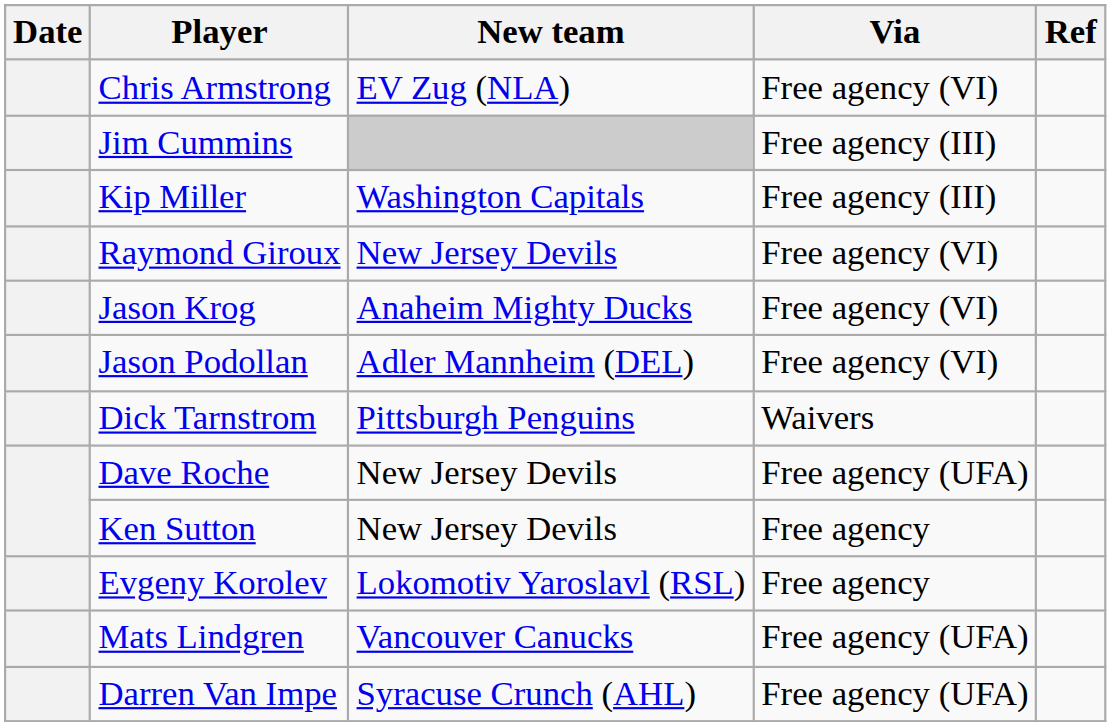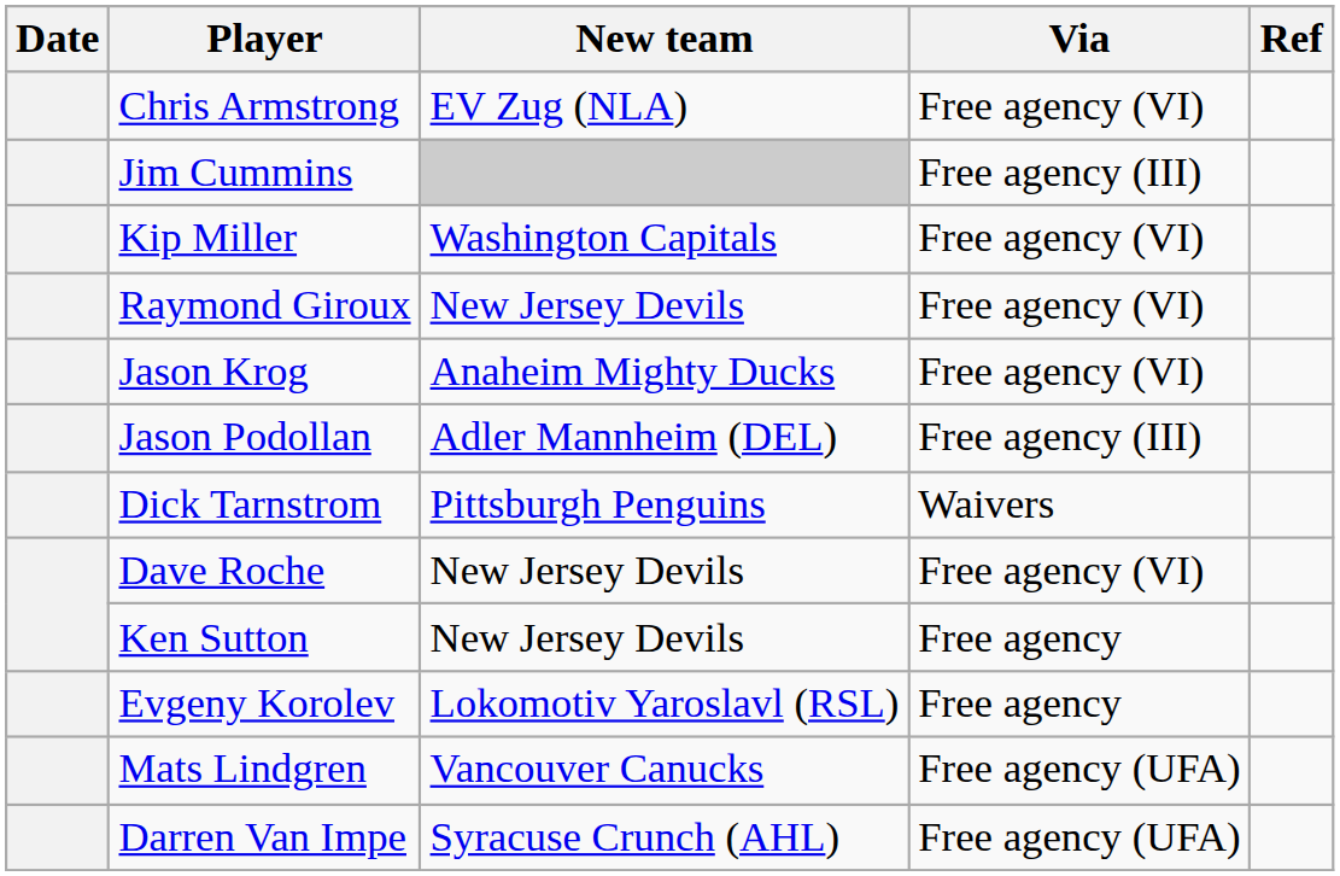 <table class="wikitable plainrowheaders">
 <tr style="background:#ddd; text-align:center;">
 <th>Date</th>
 <th>Player</th>
 <th>New team</th>
 <th>Via</th>
 <th>Ref</th>
 </tr>
 <tr>
 <th scope="row"></th>
 <td><a href='#'>Chris Armstrong</a></td>
 <td><a href='#'>EV Zug</a> (<a href='#'>NLA</a>)</td>
 <td>Free agency (VI)</td>
 <td></td>
 </tr>
 <tr>
 <th scope="row"></th>
 <td><a href='#'>Jim Cummins</a></td>
 <td style="background:#ccc"></td>
 <td>Free agency (III)</td>
 <td></td>
 </tr>
 <tr>
 <th scope="row"></th>
 <td><a href='#'>Kip Miller</a></td>
 <td><a href='#'>Washington Capitals</a></td>
-<td>Free agency (III)</td>
+<td>Free agency (VI)</td>
 <td></td>
 </tr>
 <tr>
 <th scope="row"></th>
 <td><a href='#'>Raymond Giroux</a></td>
 <td><a href='#'>New Jersey Devils</a></td>
 <td>Free agency (VI)</td>
 <td></td>
 </tr>
 <tr>
 <th scope="row"></th>
 <td><a href='#'>Jason Krog</a></td>
 <td><a href='#'>Anaheim Mighty Ducks</a></td>
 <td>Free agency (VI)</td>
 <td></td>
 </tr>
 <tr>
 <th scope="row"></th>
 <td><a href='#'>Jason Podollan</a></td>
 <td><a href='#'>Adler Mannheim</a> (<a href='#'>DEL</a>)</td>
-<td>Free agency (VI)</td>
+<td>Free agency (III)</td>
 <td></td>
 </tr>
 <tr>
 <th scope="row"></th>
 <td><a href='#'>Dick Tarnstrom</a></td>
 <td><a href='#'>Pittsburgh Penguins</a></td>
 <td>Waivers</td>
 <td></td>
 </tr>
 <tr>
 <th scope="row" rowspan=2></th>
 <td><a href='#'>Dave Roche</a></td>
 <td>New Jersey Devils</td>
-<td>Free agency (UFA)</td>
+<td>Free agency (VI)</td>
 <td></td>
 </tr>
 <tr>
 <td><a href='#'>Ken Sutton</a></td>
 <td>New Jersey Devils</td>
 <td>Free agency</td>
 <td></td>
 </tr>
 <tr>
 <th scope="row"></th>
 <td><a href='#'>Evgeny Korolev</a></td>
 <td><a href='#'>Lokomotiv Yaroslavl</a> (<a href='#'>RSL</a>)</td>
 <td>Free agency</td>
 <td></td>
 </tr>
 <tr>
 <th scope="row"></th>
 <td><a href='#'>Mats Lindgren</a></td>
 <td><a href='#'>Vancouver Canucks</a></td>
 <td>Free agency (UFA)</td>
 <td></td>
 </tr>
 <tr>
 <th scope="row"></th>
 <td><a href='#'>Darren Van Impe</a></td>
 <td><a href='#'>Syracuse Crunch</a> (<a href='#'>AHL</a>)</td>
 <td>Free agency (UFA)</td>
 <td></td>
 </tr>
 </table>
